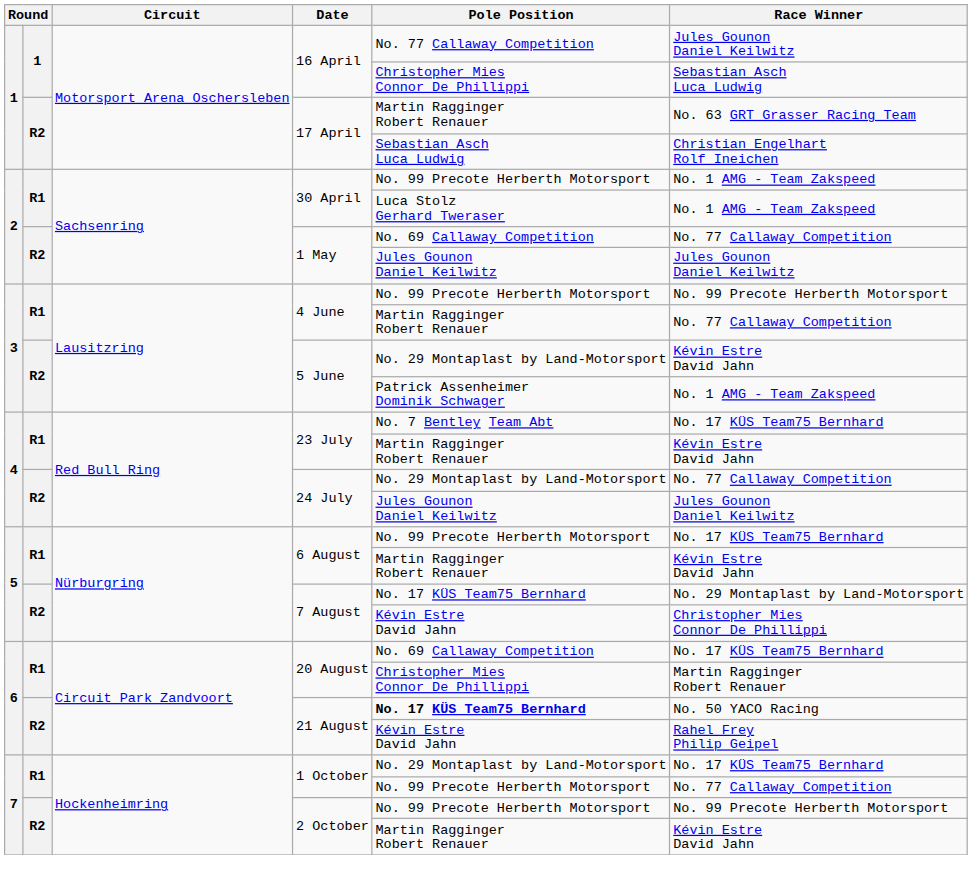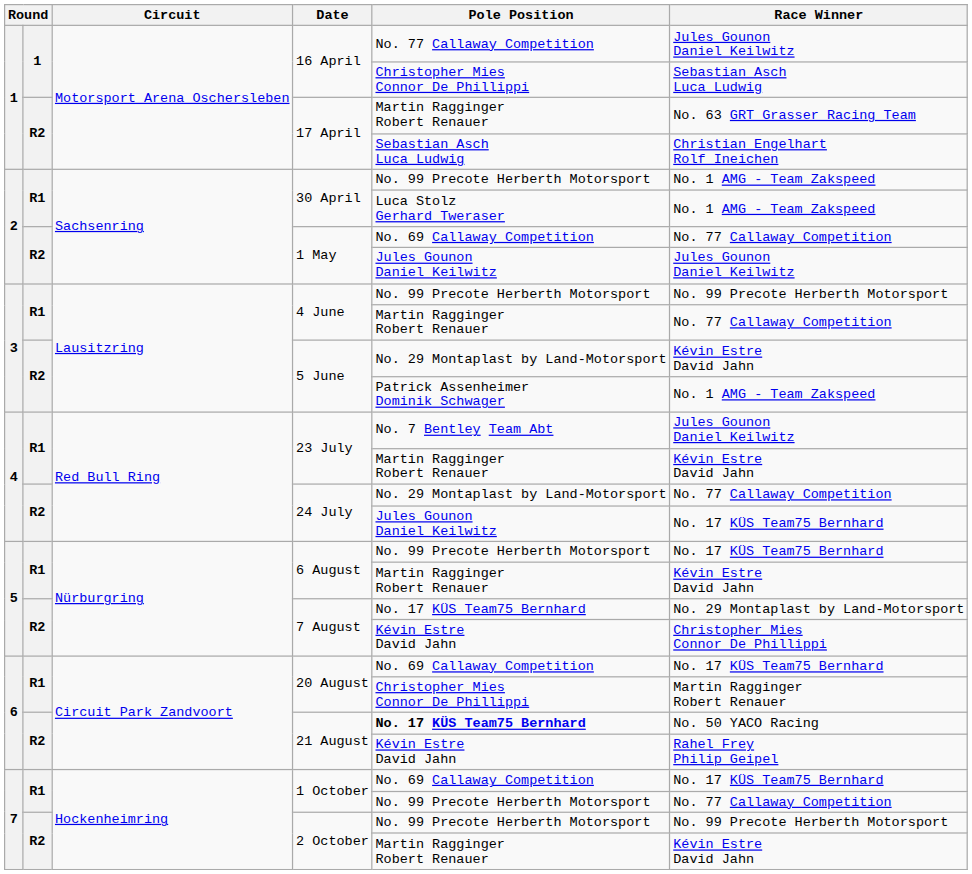 <table class="wikitable" style="font-size: 85%;">
 <tr>
 <th colspan=2>Round</th>
 <th>Circuit</th>
 <th>Date</th>
 <th>Pole Position</th>
 <th>Race Winner</th>
 </tr>
 <tr>
 <th rowspan=4>1</th>
 <th rowspan=2>1</th>
 <td rowspan=4> <a href='#'>Motorsport Arena Oschersleben</a></td>
 <td rowspan=2>16 April</td>
 <td> No. 77 <a href='#'>Callaway Competition</a></td>
 <td> <a href='#'>Jules Gounon</a><br> <a href='#'>Daniel Keilwitz</a></td>
 </tr>
 <tr>
 <td> <a href='#'>Christopher Mies</a><br> <a href='#'>Connor De Phillippi</a></td>
 <td> <a href='#'>Sebastian Asch</a><br> <a href='#'>Luca Ludwig</a></td>
 </tr>
 <tr>
 <th rowspan=2>R2</th>
 <td rowspan=2>17 April</td>
 <td> Martin Ragginger<br> Robert Renauer</td>
 <td> No. 63 <a href='#'>GRT Grasser Racing Team</a></td>
 </tr>
 <tr>
 <td> <a href='#'>Sebastian Asch</a><br> <a href='#'>Luca Ludwig</a></td>
 <td> <a href='#'>Christian Engelhart</a><br> <a href='#'>Rolf Ineichen</a></td>
 </tr>
 <tr>
 <th rowspan=4>2</th>
 <th rowspan=2>R1</th>
 <td rowspan=4> <a href='#'>Sachsenring</a></td>
 <td rowspan=2>30 April</td>
 <td> No. 99 Precote Herberth Motorsport</td>
 <td> No. 1 <a href='#'>AMG - Team Zakspeed</a></td>
 </tr>
 <tr>
 <td> Luca Stolz<br> <a href='#'>Gerhard Tweraser</a></td>
 <td> No. 1 <a href='#'>AMG - Team Zakspeed</a></td>
 </tr>
 <tr>
 <th rowspan=2>R2</th>
 <td rowspan=2>1 May</td>
 <td> No. 69 <a href='#'>Callaway Competition</a></td>
 <td> No. 77 <a href='#'>Callaway Competition</a></td>
 </tr>
 <tr>
 <td> <a href='#'>Jules Gounon</a><br> <a href='#'>Daniel Keilwitz</a></td>
 <td> <a href='#'>Jules Gounon</a><br> <a href='#'>Daniel Keilwitz</a></td>
 </tr>
 <tr>
 <th rowspan=4>3</th>
 <th rowspan=2>R1</th>
 <td rowspan=4> <a href='#'>Lausitzring</a></td>
 <td rowspan=2>4 June</td>
 <td> No. 99 Precote Herberth Motorsport</td>
 <td> No. 99 Precote Herberth Motorsport</td>
 </tr>
 <tr>
 <td> Martin Ragginger<br> Robert Renauer</td>
 <td> No. 77 <a href='#'>Callaway Competition</a></td>
 </tr>
 <tr>
 <th rowspan=2>R2</th>
 <td rowspan=2>5 June</td>
 <td> No. 29 Montaplast by Land-Motorsport</td>
 <td> <a href='#'>Kévin Estre</a><br> David Jahn</td>
 </tr>
 <tr>
 <td> Patrick Assenheimer<br> <a href='#'>Dominik Schwager</a></td>
 <td> No. 1 <a href='#'>AMG - Team Zakspeed</a></td>
 </tr>
 <tr>
 <th rowspan=4>4</th>
 <th rowspan=2>R1</th>
 <td rowspan=4> <a href='#'>Red Bull Ring</a></td>
 <td rowspan=2>23 July</td>
 <td> No. 7 <a href='#'>Bentley</a> <a href='#'>Team Abt</a></td>
-<td> No. 17 <a href='#'>KÜS Team75 Bernhard</a></td>
+<td> <a href='#'>Jules Gounon</a><br> <a href='#'>Daniel Keilwitz</a></td>
 </tr>
 <tr>
 <td> Martin Ragginger<br> Robert Renauer</td>
 <td> <a href='#'>Kévin Estre</a><br> David Jahn</td>
 </tr>
 <tr>
 <th rowspan=2>R2</th>
 <td rowspan=2>24 July</td>
 <td> No. 29 Montaplast by Land-Motorsport</td>
 <td> No. 77 <a href='#'>Callaway Competition</a></td>
 </tr>
 <tr>
 <td> <a href='#'>Jules Gounon</a><br> <a href='#'>Daniel Keilwitz</a></td>
-<td> <a href='#'>Jules Gounon</a><br> <a href='#'>Daniel Keilwitz</a></td>
+<td> No. 17 <a href='#'>KÜS Team75 Bernhard</a></td>
 </tr>
 <tr>
 <th rowspan=4>5</th>
 <th rowspan=2>R1</th>
 <td rowspan=4> <a href='#'>Nürburgring</a></td>
 <td rowspan=2>6 August</td>
 <td> No. 99 Precote Herberth Motorsport</td>
 <td> No. 17 <a href='#'>KÜS Team75 Bernhard</a></td>
 </tr>
 <tr>
 <td> Martin Ragginger<br> Robert Renauer</td>
 <td> <a href='#'>Kévin Estre</a><br> David Jahn</td>
 </tr>
 <tr>
 <th rowspan=2>R2</th>
 <td rowspan=2>7 August</td>
 <td> No. 17 <a href='#'>KÜS Team75 Bernhard</a></td>
 <td> No. 29 Montaplast by Land-Motorsport</td>
 </tr>
 <tr>
 <td> <a href='#'>Kévin Estre</a><br> David Jahn</td>
 <td> <a href='#'>Christopher Mies</a><br> <a href='#'>Connor De Phillippi</a></td>
 </tr>
 <tr>
 <th rowspan=4>6</th>
 <th rowspan=2>R1</th>
 <td rowspan=4> <a href='#'>Circuit Park Zandvoort</a></td>
 <td rowspan=2>20 August</td>
 <td> No. 69 <a href='#'>Callaway Competition</a></td>
 <td> No. 17 <a href='#'>KÜS Team75 Bernhard</a></td>
 </tr>
 <tr>
 <td> <a href='#'>Christopher Mies</a><br> <a href='#'>Connor De Phillippi</a></td>
 <td> Martin Ragginger<br> Robert Renauer</td>
 </tr>
 <tr>
 <th rowspan=2>R2</th>
 <td rowspan=2>21 August</td>
 <td><strong> No. 17 <a href='#'>KÜS Team75 Bernhard</a></strong></td>
 <td> No. 50 YACO Racing</td>
 </tr>
 <tr>
 <td> <a href='#'>Kévin Estre</a><br> David Jahn</td>
 <td> <a href='#'>Rahel Frey</a><br> <a href='#'>Philip Geipel</a></td>
 </tr>
 <tr>
 <th rowspan=4>7</th>
 <th rowspan=2>R1</th>
 <td rowspan=4> <a href='#'>Hockenheimring</a></td>
 <td rowspan=2>1 October</td>
-<td> No. 29 Montaplast by Land-Motorsport</td>
+<td> No. 69 <a href='#'>Callaway Competition</a></td>
 <td> No. 17 <a href='#'>KÜS Team75 Bernhard</a></td>
 </tr>
 <tr>
 <td> No. 99 Precote Herberth Motorsport</td>
 <td> No. 77 <a href='#'>Callaway Competition</a></td>
 </tr>
 <tr>
 <th rowspan=2>R2</th>
 <td rowspan=2>2 October</td>
 <td> No. 99 Precote Herberth Motorsport</td>
 <td> No. 99 Precote Herberth Motorsport</td>
 </tr>
 <tr>
 <td> Martin Ragginger<br> Robert Renauer</td>
 <td> <a href='#'>Kévin Estre</a><br> David Jahn</td>
 </tr>
 </table>
